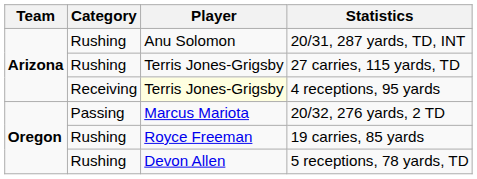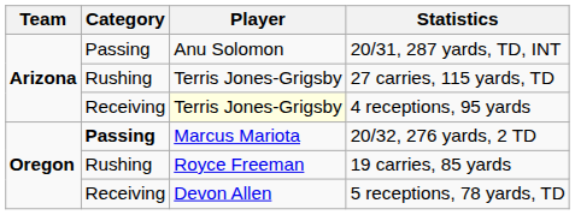 <table class="wikitable" style="float: right;">
 <tr>
 <th>Team</th>
 <th>Category</th>
 <th>Player</th>
 <th>Statistics</th>
 </tr>
 <tr>
 <td rowspan=3><strong>Arizona</strong></td>
-<td>Rushing</td>
+<td>Passing</td>
 <td>Anu Solomon</td>
 <td>20/31, 287 yards, TD, INT</td>
 </tr>
 <tr>
 <td>Rushing</td>
 <td>Terris Jones-Grigsby</td>
 <td>27 carries, 115 yards, TD</td>
 </tr>
 <tr>
 <td>Receiving</td>
 <td style="background: lightyellow;">Terris Jones-Grigsby</td>
 <td>4 receptions, 95 yards</td>
 </tr>
 <tr>
 <td rowspan=3><strong>Oregon</strong></td>
-<td>Passing</td>
+<td><strong>Passing</strong></td>
 <td><a href='#'>Marcus Mariota</a></td>
 <td>20/32, 276 yards, 2 TD</td>
 </tr>
 <tr>
 <td>Rushing</td>
 <td><a href='#'>Royce Freeman</a></td>
 <td>19 carries, 85 yards</td>
 </tr>
 <tr>
-<td>Rushing</td>
+<td>Receiving</td>
 <td><a href='#'>Devon Allen</a></td>
 <td>5 receptions, 78 yards, TD</td>
 </tr>
 </table>
